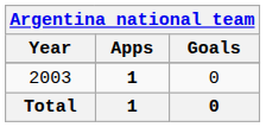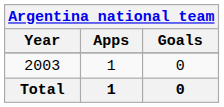 <table class="wikitable" style="text-align:center">
 <tr>
 <th colspan=3><a href='#'>Argentina national team</a></th>
 </tr>
 <tr>
 <th>Year</th>
 <th>Apps</th>
 <th>Goals</th>
 </tr>
 <tr>
 </tr>
 <tr>
 <td>2003</td>
-<td><strong>1</strong></td>
+<td>1</td>
 <td>0</td>
 </tr>
 <tr>
 <th>Total</th>
 <th>1</th>
 <th>0</th>
 </tr>
 </table>
